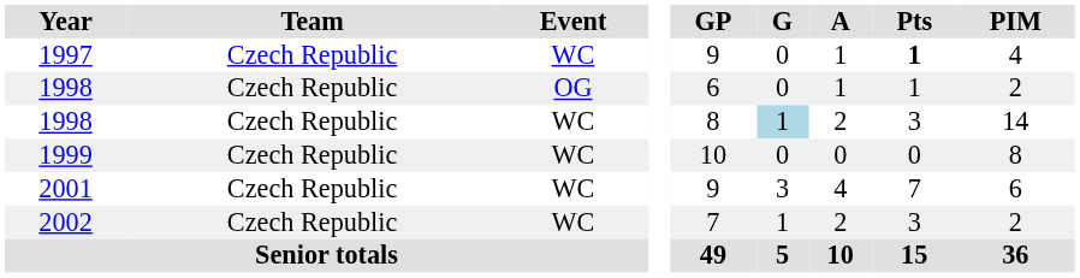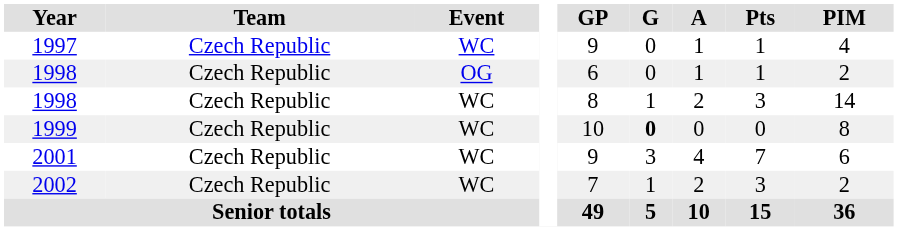 <table border="0" cellpadding="1" cellspacing="0" style="text-align:center; width:40em">
 <tr align="center" bgcolor="#e0e0e0">
 <th>Year</th>
 <th>Team</th>
 <th>Event</th>
 <th rowspan="99" bgcolor="#ffffff"> </th>
 <th>GP</th>
 <th>G</th>
 <th>A</th>
 <th>Pts</th>
 <th>PIM</th>
 </tr>
 <tr>
 <td><a href='#'>1997</a></td>
 <td><a href='#'>Czech Republic</a></td>
 <td><a href='#'>WC</a></td>
 <td>9</td>
 <td>0</td>
 <td>1</td>
-<td><strong>1</strong></td>
+<td>1</td>
 <td>4</td>
 </tr>
 <tr bgcolor="#f0f0f0">
 <td><a href='#'>1998</a></td>
 <td>Czech Republic</td>
 <td><a href='#'>OG</a></td>
 <td>6</td>
 <td>0</td>
 <td>1</td>
 <td>1</td>
 <td>2</td>
 </tr>
 <tr>
 <td><a href='#'>1998</a></td>
 <td>Czech Republic</td>
 <td>WC</td>
 <td>8</td>
-<td style="background: lightblue;">1</td>
+<td>1</td>
 <td>2</td>
 <td>3</td>
 <td>14</td>
 </tr>
 <tr bgcolor="#f0f0f0">
 <td><a href='#'>1999</a></td>
 <td>Czech Republic</td>
 <td>WC</td>
 <td>10</td>
-<td>0</td>
+<td><strong>0</strong></td>
 <td>0</td>
 <td>0</td>
 <td>8</td>
 </tr>
 <tr>
 <td><a href='#'>2001</a></td>
 <td>Czech Republic</td>
 <td>WC</td>
 <td>9</td>
 <td>3</td>
 <td>4</td>
 <td>7</td>
 <td>6</td>
 </tr>
 <tr bgcolor="#f0f0f0">
 <td><a href='#'>2002</a></td>
 <td>Czech Republic</td>
 <td>WC</td>
 <td>7</td>
 <td>1</td>
 <td>2</td>
 <td>3</td>
 <td>2</td>
 </tr>
 <tr bgcolor="#e0e0e0">
 <th colspan=3>Senior totals</th>
 <th>49</th>
 <th>5</th>
 <th>10</th>
 <th>15</th>
 <th>36</th>
 </tr>
 </table>
